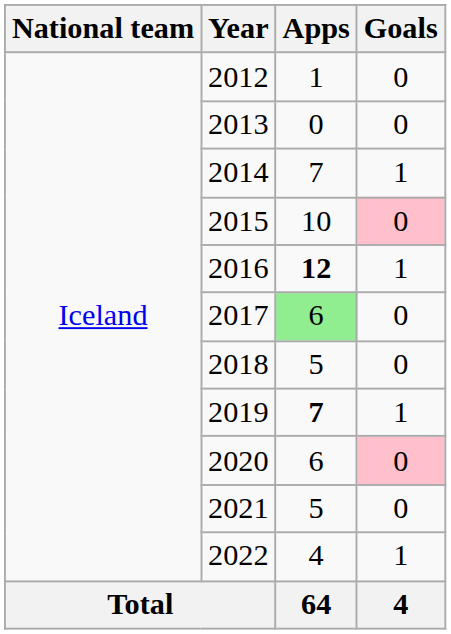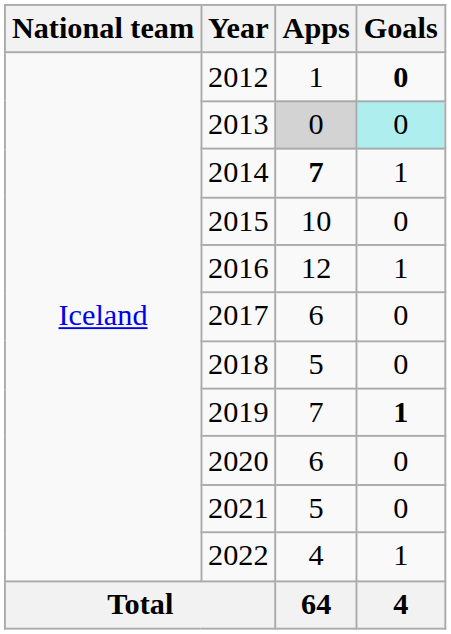 <table class="wikitable" style="text-align:center">
 <tr>
 <th>National team</th>
 <th>Year</th>
 <th>Apps</th>
 <th>Goals</th>
 </tr>
 <tr>
 <td rowspan="11"><a href='#'>Iceland</a></td>
 <td>2012</td>
 <td>1</td>
-<td>0</td>
+<td><strong>0</strong></td>
 </tr>
 <tr>
 <td>2013</td>
-<td>0</td>
-<td>0</td>
+<td style="background: lightgrey;">0</td>
+<td style="background: paleturquoise;">0</td>
 </tr>
 <tr>
 <td>2014</td>
-<td>7</td>
+<td><strong>7</strong></td>
 <td>1</td>
 </tr>
 <tr>
 <td>2015</td>
 <td>10</td>
-<td style="background: pink;">0</td>
+<td>0</td>
 </tr>
 <tr>
 <td>2016</td>
-<td><strong>12</strong></td>
+<td>12</td>
 <td>1</td>
 </tr>
 <tr>
 <td>2017</td>
-<td style="background: lightgreen;">6</td>
+<td>6</td>
 <td>0</td>
 </tr>
 <tr>
 <td>2018</td>
 <td>5</td>
 <td>0</td>
 </tr>
 <tr>
 <td>2019</td>
-<td><strong>7</strong></td>
-<td>1</td>
+<td>7</td>
+<td><strong>1</strong></td>
 </tr>
 <tr>
 <td>2020</td>
 <td>6</td>
-<td style="background: pink;">0</td>
+<td>0</td>
 </tr>
 <tr>
 <td>2021</td>
 <td>5</td>
 <td>0</td>
 </tr>
 <tr>
 <td>2022</td>
 <td>4</td>
 <td>1</td>
 </tr>
 <tr>
 <th colspan="2">Total</th>
 <th>64</th>
 <th>4</th>
 </tr>
 </table>
